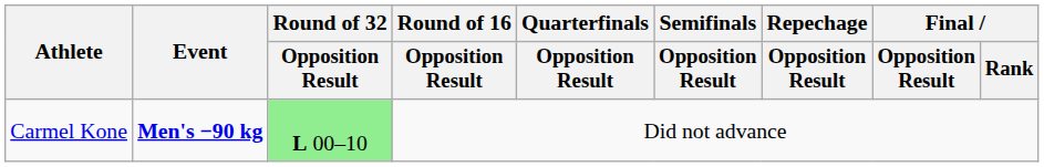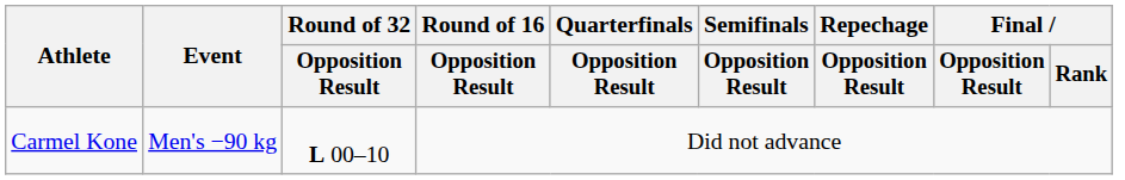 <table class="wikitable" style="font-size:90%">
 <tr>
 <th rowspan="2">Athlete</th>
 <th rowspan="2">Event</th>
 <th>Round of 32</th>
 <th>Round of 16</th>
 <th>Quarterfinals</th>
 <th>Semifinals</th>
 <th>Repechage</th>
 <th colspan=2>Final / </th>
 </tr>
 <tr style="font-size:95%">
 <th>Opposition<br>Result</th>
 <th>Opposition<br>Result</th>
 <th>Opposition<br>Result</th>
 <th>Opposition<br>Result</th>
 <th>Opposition<br>Result</th>
 <th>Opposition<br>Result</th>
 <th>Rank</th>
 </tr>
 <tr align=center>
 <td align=left><a href='#'>Carmel Kone</a></td>
-<td align=left><strong><a href='#'>Men's −90 kg</a></strong></td>
-<td style="background: lightgreen;"><br> <strong>L</strong> 00–10</td>
+<td align=left><a href='#'>Men's −90 kg</a></td>
+<td><br> <strong>L</strong> 00–10</td>
 <td colspan=6>Did not advance</td>
 </tr>
 </table>
